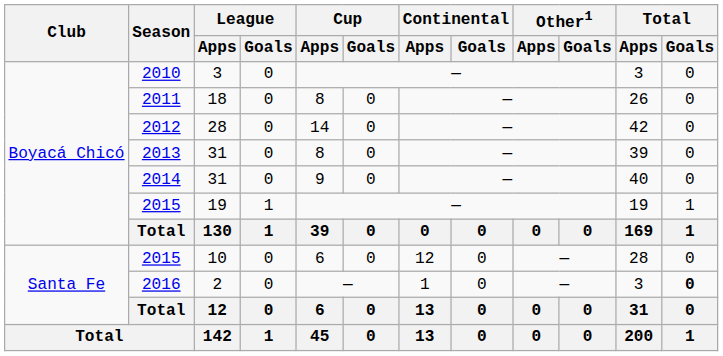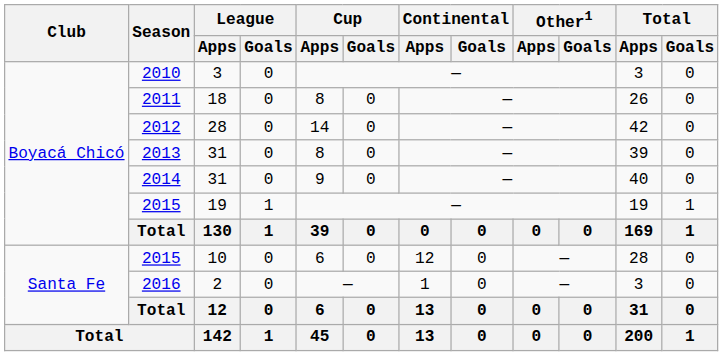 <table class="wikitable" style="text-align: center">
 <tr>
 <th rowspan=2>Club</th>
 <th rowspan=2>Season</th>
 <th colspan=2>League</th>
 <th colspan=2>Cup</th>
 <th colspan=2>Continental</th>
 <th colspan=2>Other<sup>1</sup></th>
 <th colspan=2>Total</th>
 </tr>
 <tr>
 <th>Apps</th>
 <th>Goals</th>
 <th>Apps</th>
 <th>Goals</th>
 <th>Apps</th>
 <th>Goals</th>
 <th>Apps</th>
 <th>Goals</th>
 <th>Apps</th>
 <th>Goals</th>
 </tr>
 <tr>
 <td rowspan=7><a href='#'>Boyacá Chicó</a></td>
 <td><a href='#'>2010</a></td>
 <td>3</td>
 <td>0</td>
 <td colspan="6">—</td>
 <td>3</td>
 <td>0</td>
 </tr>
 <tr>
 <td><a href='#'>2011</a></td>
 <td>18</td>
 <td>0</td>
 <td>8</td>
 <td>0</td>
 <td colspan="4">—</td>
 <td>26</td>
 <td>0</td>
 </tr>
 <tr>
 <td><a href='#'>2012</a></td>
 <td>28</td>
 <td>0</td>
 <td>14</td>
 <td>0</td>
 <td colspan="4">—</td>
 <td>42</td>
 <td>0</td>
 </tr>
 <tr>
 <td><a href='#'>2013</a></td>
 <td>31</td>
 <td>0</td>
 <td>8</td>
 <td>0</td>
 <td colspan="4">—</td>
 <td>39</td>
 <td>0</td>
 </tr>
 <tr>
 <td><a href='#'>2014</a></td>
 <td>31</td>
 <td>0</td>
 <td>9</td>
 <td>0</td>
 <td colspan="4">—</td>
 <td>40</td>
 <td>0</td>
 </tr>
 <tr>
 <td><a href='#'>2015</a></td>
 <td>19</td>
 <td>1</td>
 <td colspan="6">—</td>
 <td>19</td>
 <td>1</td>
 </tr>
 <tr>
 <th>Total</th>
 <th>130</th>
 <th>1</th>
 <th>39</th>
 <th>0</th>
 <th>0</th>
 <th>0</th>
 <th>0</th>
 <th>0</th>
 <th>169</th>
 <th>1</th>
 </tr>
 <tr>
 <td rowspan=3><a href='#'>Santa Fe</a></td>
 <td><a href='#'>2015</a></td>
 <td>10</td>
 <td>0</td>
 <td>6</td>
 <td>0</td>
 <td>12</td>
 <td>0</td>
 <td colspan="2">—</td>
 <td>28</td>
 <td>0</td>
 </tr>
 <tr>
 <td><a href='#'>2016</a></td>
 <td>2</td>
 <td>0</td>
 <td colspan="2">—</td>
 <td>1</td>
 <td>0</td>
 <td colspan="2">—</td>
 <td>3</td>
-<td><strong>0</strong></td>
+<td>0</td>
 </tr>
 <tr>
 <th>Total</th>
 <th>12</th>
 <th>0</th>
 <th>6</th>
 <th>0</th>
 <th>13</th>
 <th>0</th>
 <th>0</th>
 <th>0</th>
 <th>31</th>
 <th>0</th>
 </tr>
 <tr>
 <th colspan=2>Total</th>
 <th>142</th>
 <th>1</th>
 <th>45</th>
 <th>0</th>
 <th>13</th>
 <th>0</th>
 <th>0</th>
 <th>0</th>
 <th>200</th>
 <th>1</th>
 </tr>
 </table>
